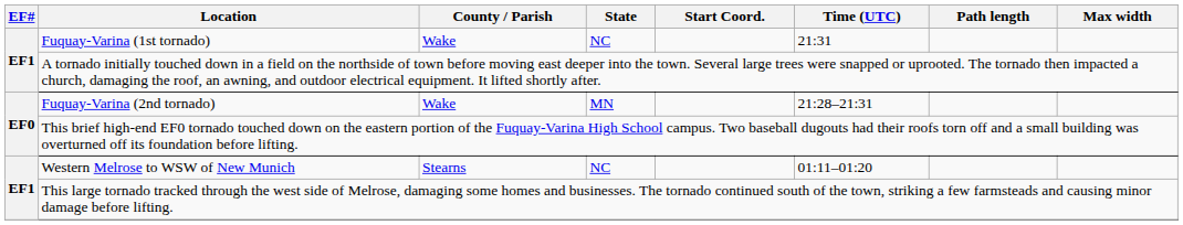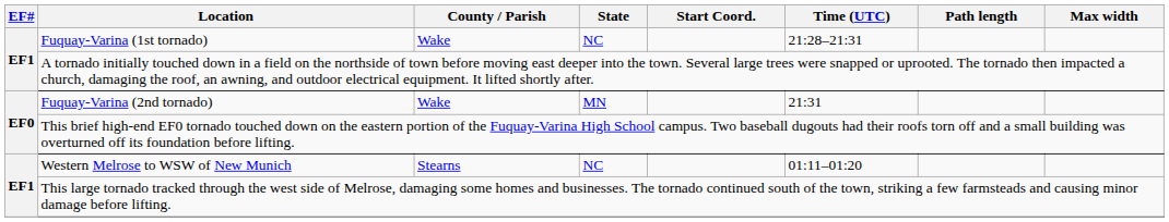 <table class="wikitable sortable" style="width:100%;">
 <tr>
 <th scope="col" width="2%" align="center"><a href='#'>EF#</a></th>
 <th scope="col" align="center" class="unsortable">Location</th>
 <th scope="col" align="center" class="unsortable">County / Parish</th>
 <th scope="col" align="center">State</th>
 <th scope="col" align="center">Start Coord.</th>
 <th scope="col" align="center">Time (<a href='#'>UTC</a>)</th>
 <th scope="col" align="center">Path length</th>
 <th scope="col" align="center">Max width</th>
 </tr>
 <tr>
 <th scope="row" rowspan="2" style="background-color:#">EF1</th>
 <td><a href='#'>Fuquay-Varina</a> (1st tornado)</td>
 <td><a href='#'>Wake</a></td>
 <td><a href='#'>NC</a></td>
 <td></td>
-<td>21:31</td>
+<td>21:28–21:31</td>
 <td></td>
 <td></td>
 </tr>
 <tr class="expand-child">
 <td colspan="8" style=" border-bottom: 1px solid black;">A tornado initially touched down in a field on the northside of town before moving east deeper into the town. Several large trees were snapped or uprooted. The tornado then impacted a church, damaging the roof, an awning, and outdoor electrical equipment. It lifted shortly after.</td>
 </tr>
 <tr>
 <th scope="row" rowspan="2" style="background-color:#">EF0</th>
 <td><a href='#'>Fuquay-Varina</a> (2nd tornado)</td>
 <td><a href='#'>Wake</a></td>
 <td><a href='#'>MN</a></td>
 <td></td>
-<td>21:28–21:31</td>
+<td>21:31</td>
 <td></td>
 <td></td>
 </tr>
 <tr class="expand-child">
 <td colspan="8" style=" border-bottom: 1px solid black;">This brief high-end EF0 tornado touched down on the eastern portion of the <a href='#'>Fuquay-Varina High School</a> campus. Two baseball dugouts had their roofs torn off and a small building was overturned off its foundation before lifting.</td>
 </tr>
 <tr>
 <th scope="row" rowspan="2" style="background-color:#">EF1</th>
 <td>Western <a href='#'>Melrose</a> to WSW of <a href='#'>New Munich</a></td>
 <td><a href='#'>Stearns</a></td>
 <td><a href='#'>NC</a></td>
 <td></td>
 <td>01:11–01:20</td>
 <td></td>
 <td></td>
 </tr>
 <tr class="expand-child">
 <td colspan="8" style=" border-bottom: 1px solid black;">This large tornado tracked through the west side of Melrose, damaging some homes and businesses. The tornado continued south of the town, striking a few farmsteads and causing minor damage before lifting.</td>
 </tr>
 <tr>
 </tr>
 </table>
